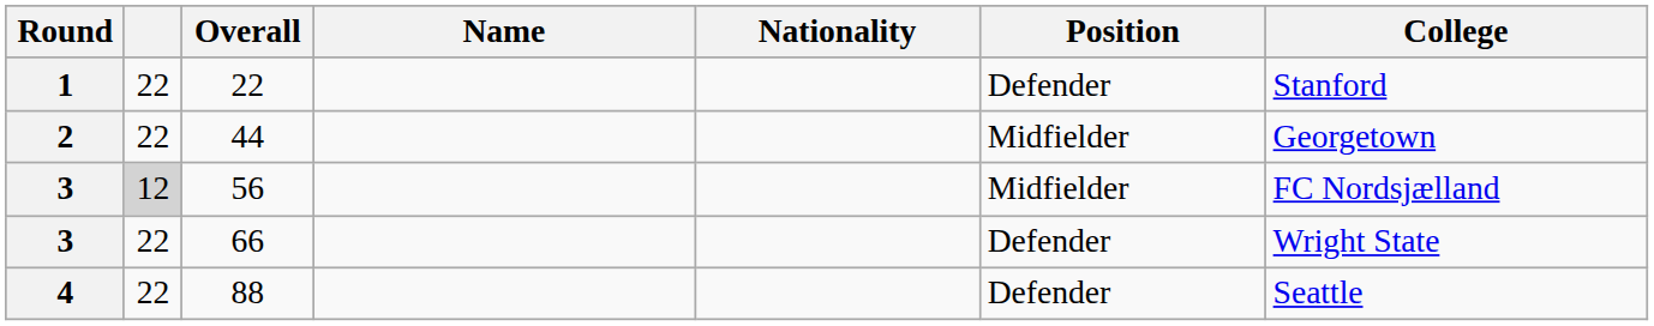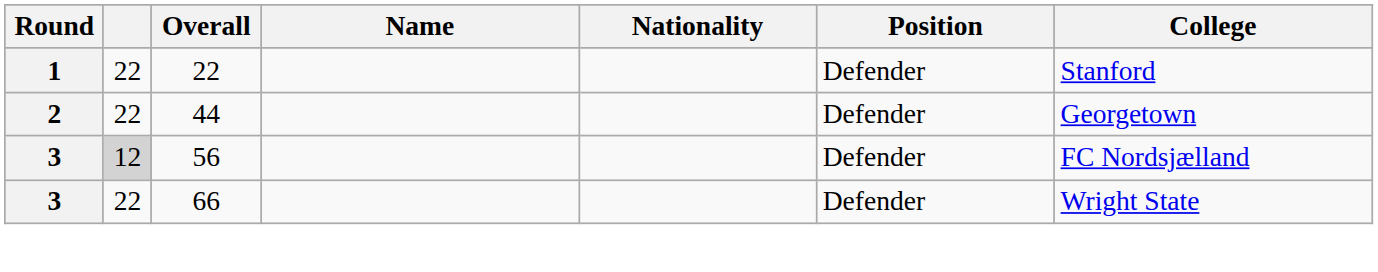 <table class="wikitable sortable" style="width:90%">
 <tr>
 <th scope="col" style="width: 3%;">Round</th>
 <th scope="col" style="width: 3%;"></th>
 <th scope="col" style="width: 4%;">Overall</th>
 <th scope="col" style="width: 20%;">Name</th>
 <th scope="col" style="width: 15%;">Nationality</th>
 <th scope="col" style="width: 15%;">Position</th>
 <th scope="col" style="width: 20%;">College</th>
 </tr>
 <tr>
 <th scope="row">1</th>
 <td align="center">22</td>
 <td align="center">22</td>
 <td></td>
 <td></td>
 <td>Defender</td>
 <td><a href='#'>Stanford</a></td>
 </tr>
 <tr>
 <th scope="row">2</th>
 <td align="center">22</td>
 <td align="center">44</td>
 <td></td>
 <td></td>
-<td>Midfielder</td>
+<td>Defender</td>
 <td><a href='#'>Georgetown</a></td>
 </tr>
 <tr>
 <th scope="row">3</th>
 <td align="center" style="background: lightgrey;">12</td>
 <td align="center">56</td>
 <td></td>
 <td></td>
-<td>Midfielder</td>
+<td>Defender</td>
 <td><a href='#'>FC Nordsjælland</a></td>
 </tr>
 <tr>
 <th scope="row">3</th>
 <td align="center">22</td>
 <td align="center">66</td>
 <td></td>
 <td></td>
 <td>Defender</td>
 <td><a href='#'>Wright State</a></td>
 </tr>
-<tr>
-<th scope="row">4</th>
-<td align="center">22</td>
-<td align="center">88</td>
-<td></td>
-<td></td>
-<td>Defender</td>
-<td><a href='#'>Seattle</a></td>
-</tr>
 </table>
